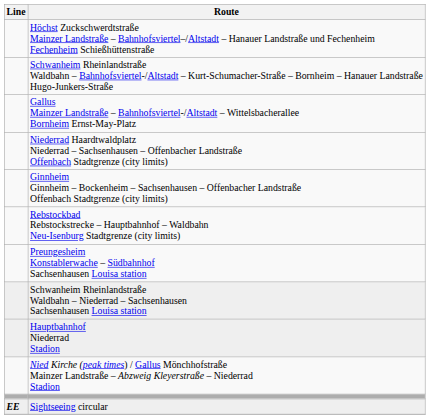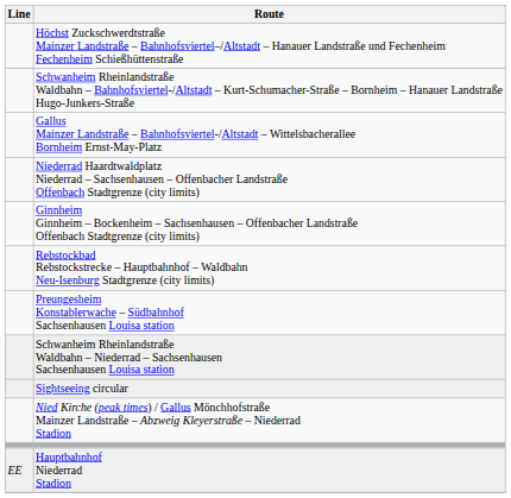 <table class="wikitable">
 <tr class="hintergrundfarbe6">
 <th>Line</th>
 <th>Route</th>
 </tr>
 <tr>
 <td></td>
 <td> <a href='#'>Höchst</a> Zuckschwerdtstraße<br> <a href='#'>Mainzer Landstraße</a> – <a href='#'>Bahnhofsviertel</a>–/<a href='#'>Altstadt</a> – Hanauer Landstraße und Fechenheim<br> <a href='#'>Fechenheim</a> Schießhüttenstraße</td>
 </tr>
 <tr>
 <td></td>
 <td> <a href='#'>Schwanheim</a> Rheinlandstraße<br> Waldbahn – <a href='#'>Bahnhofsviertel</a>-/<a href='#'>Altstadt</a> – Kurt-Schumacher-Straße – Bornheim – Hanauer Landstraße<br> Hugo-Junkers-Straße</td>
 </tr>
 <tr>
 <td></td>
 <td> <a href='#'>Gallus</a><br> <a href='#'>Mainzer Landstraße</a> – <a href='#'>Bahnhofsviertel</a>-/<a href='#'>Altstadt</a> – Wittelsbacherallee<br> <a href='#'>Bornheim</a> Ernst-May-Platz</td>
 </tr>
 <tr>
 <td></td>
 <td> <a href='#'>Niederrad</a> Haardtwaldplatz<br> Niederrad – Sachsenhausen – Offenbacher Landstraße<br> <a href='#'>Offenbach</a> Stadtgrenze (city limits)</td>
 </tr>
 <tr>
 <td></td>
 <td> <a href='#'>Ginnheim</a><br> Ginnheim – Bockenheim – Sachsenhausen – Offenbacher Landstraße<br> Offenbach Stadtgrenze (city limits)</td>
 </tr>
 <tr>
 <td></td>
 <td> <a href='#'>Rebstockbad</a><br> Rebstockstrecke – Hauptbahnhof – Waldbahn <br> <a href='#'>Neu-Isenburg</a> Stadtgrenze (city limits)</td>
 </tr>
 <tr>
 <td></td>
 <td> <a href='#'>Preungesheim</a><br> <a href='#'>Konstablerwache</a> – <a href='#'>Südbahnhof</a><br> Sachsenhausen <a href='#'>Louisa station</a></td>
 </tr>
 <tr bgcolor="#efefef">
 <td></td>
 <td> Schwanheim Rheinlandstraße<br> Waldbahn – Niederrad – Sachsenhausen<br> Sachsenhausen <a href='#'>Louisa station</a></td>
 </tr>
 <tr bgcolor="#efefef">
 <td></td>
-<td> <a href='#'>Hauptbahnhof</a><br> Niederrad<br> <a href='#'>Stadion</a></td>
+<td> <a href='#'>Sightseeing</a> circular </td>
 </tr>
 <tr>
 <td></td>
 <td> <em><a href='#'>Nied</a> Kirche (<a href='#'>peak times</a></em>) / <a href='#'>Gallus</a> Mönchhofstraße<br> Mainzer Landstraße – <em>Abzweig Kleyerstraße</em> – Niederrad<br> <a href='#'>Stadion</a></td>
 </tr>
 <tr bgcolor="#adadad">
 <td></td>
 <td></td>
 </tr>
 <tr bgcolor="#efefef">
-<td><strong><em>EE</em></strong></td>
-<td> <a href='#'>Sightseeing</a> circular </td>
+<td><em>EE</em></td>
+<td> <a href='#'>Hauptbahnhof</a><br> Niederrad<br> <a href='#'>Stadion</a></td>
 </tr>
 <tr bgcolor="#efefef">
 </tr>
 </table>
